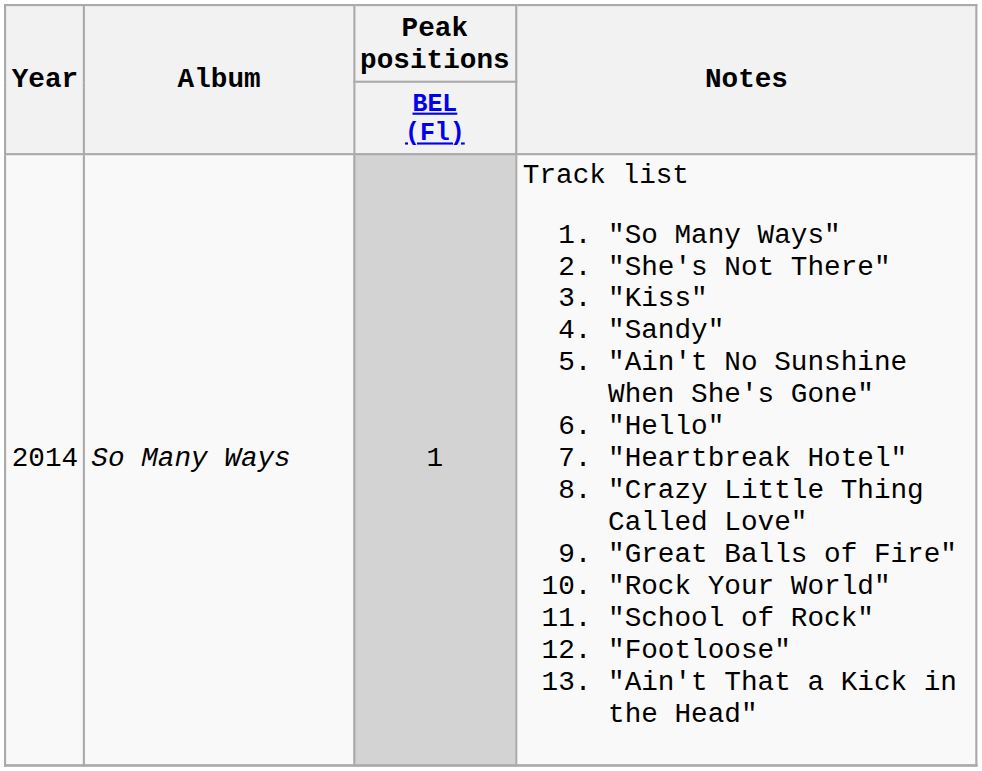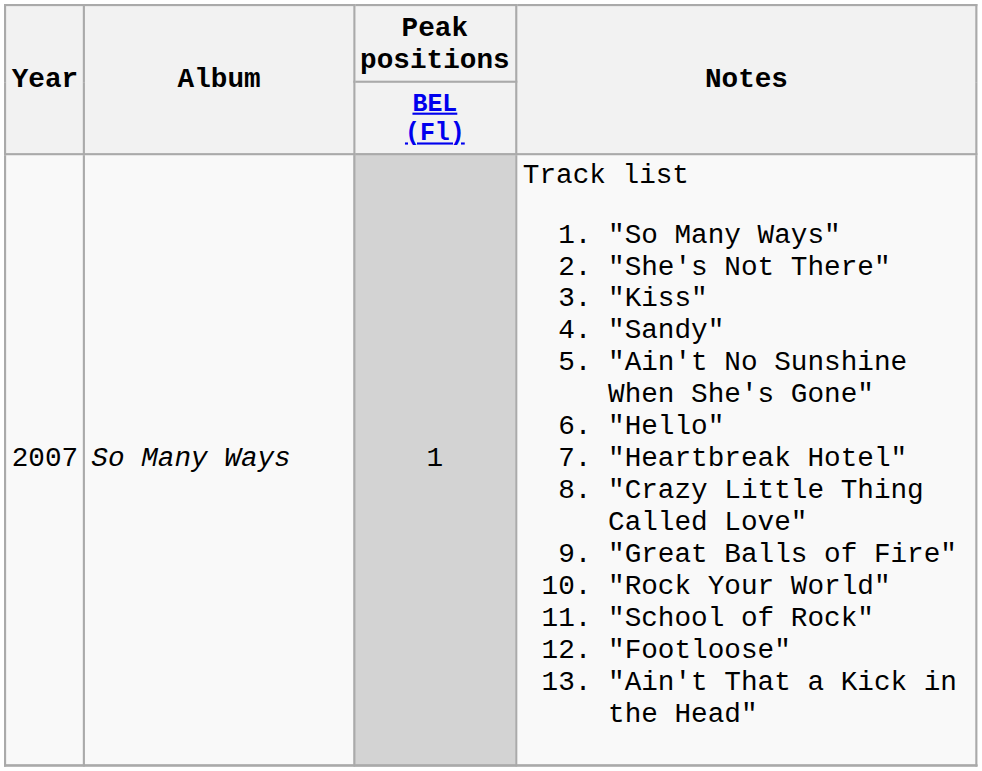 <table class="wikitable">
 <tr>
 <th align="center" rowspan="2" width="10">Year</th>
 <th align="center" rowspan="2" width="120">Album</th>
 <th align="center" colspan="1" width="20">Peak positions</th>
 <th align="center" rowspan="2" width="210">Notes</th>
 </tr>
 <tr>
 <th scope="col" style="width:3em;font-size:90%;"><a href='#'>BEL <br> (Fl)</a><br></th>
 </tr>
 <tr>
-<td style="text-align:center;">2014</td>
+<td style="text-align:center;">2007</td>
 <td><em>So Many Ways</em></td>
 <td style="background: lightgrey; text-align:center;">1</td>
 <td>Track list<br><ol><li>"So Many Ways"</li><li>"She's Not There"</li><li>"Kiss"</li><li>"Sandy"</li><li>"Ain't No Sunshine When She's Gone"</li><li>"Hello"</li><li>"Heartbreak Hotel"</li><li>"Crazy Little Thing Called Love"</li><li>"Great Balls of Fire"</li><li>"Rock Your World"</li><li>"School of Rock"</li><li>"Footloose"</li><li>"Ain't That a Kick in the Head"</li></ol></td>
 </tr>
 <tr>
 </tr>
 </table>
